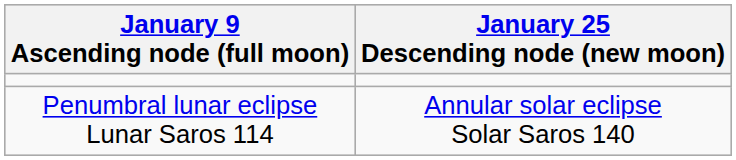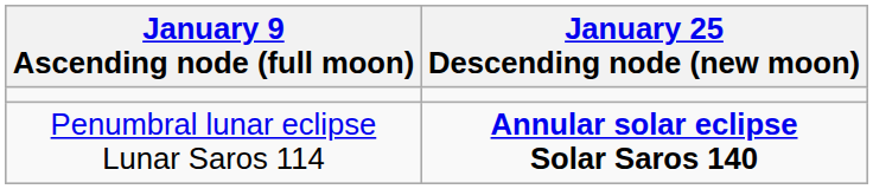 <table class="wikitable">
 <tr>
 <th><a href='#'>January 9</a><br>Ascending node (full moon)</th>
 <th><a href='#'>January 25</a><br>Descending node (new moon)<br></th>
 </tr>
 <tr>
 <td></td>
 <td></td>
 </tr>
 <tr align=center>
 <td><a href='#'>Penumbral lunar eclipse</a><br>Lunar Saros 114</td>
-<td><a href='#'>Annular solar eclipse</a><br>Solar Saros 140</td>
+<td><strong><a href='#'>Annular solar eclipse</a><br>Solar Saros 140</strong></td>
 </tr>
 </table>
